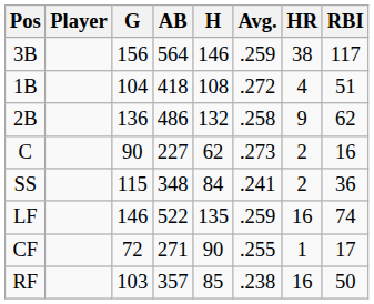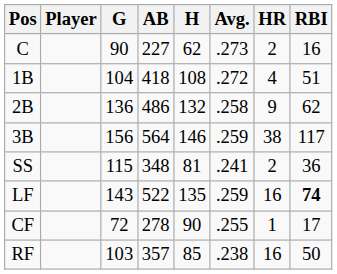 <table class="wikitable sortable">
 <tr>
 <th>Pos</th>
 <th>Player</th>
 <th>G</th>
 <th>AB</th>
 <th>H</th>
 <th>Avg.</th>
 <th>HR</th>
 <th>RBI</th>
 </tr>
 <tr align="center">
-<td>3B</td>
+<td>C</td>
 <td></td>
-<td>156</td>
-<td>564</td>
-<td>146</td>
-<td>.259</td>
-<td>38</td>
-<td>117</td>
+<td>90</td>
+<td>227</td>
+<td>62</td>
+<td>.273</td>
+<td>2</td>
+<td>16</td>
 </tr>
 <tr align="center">
 <td>1B</td>
 <td></td>
 <td>104</td>
 <td>418</td>
 <td>108</td>
 <td>.272</td>
 <td>4</td>
 <td>51</td>
 </tr>
 <tr align="center">
 <td>2B</td>
 <td></td>
 <td>136</td>
 <td>486</td>
 <td>132</td>
 <td>.258</td>
 <td>9</td>
 <td>62</td>
 </tr>
 <tr align="center">
-<td>C</td>
+<td>3B</td>
 <td></td>
-<td>90</td>
-<td>227</td>
-<td>62</td>
-<td>.273</td>
-<td>2</td>
-<td>16</td>
+<td>156</td>
+<td>564</td>
+<td>146</td>
+<td>.259</td>
+<td>38</td>
+<td>117</td>
 </tr>
 <tr align="center">
 <td>SS</td>
 <td></td>
 <td>115</td>
 <td>348</td>
-<td>84</td>
+<td>81</td>
 <td>.241</td>
 <td>2</td>
 <td>36</td>
 </tr>
 <tr align="center">
 <td>LF</td>
 <td></td>
-<td>146</td>
+<td>143</td>
 <td>522</td>
 <td>135</td>
 <td>.259</td>
 <td>16</td>
-<td>74</td>
+<td><strong>74</strong></td>
 </tr>
 <tr align="center">
 <td>CF</td>
 <td></td>
 <td>72</td>
-<td>271</td>
+<td>278</td>
 <td>90</td>
 <td>.255</td>
 <td>1</td>
 <td>17</td>
 </tr>
 <tr align="center">
 <td>RF</td>
 <td></td>
 <td>103</td>
 <td>357</td>
 <td>85</td>
 <td>.238</td>
 <td>16</td>
 <td>50</td>
 </tr>
 </table>
